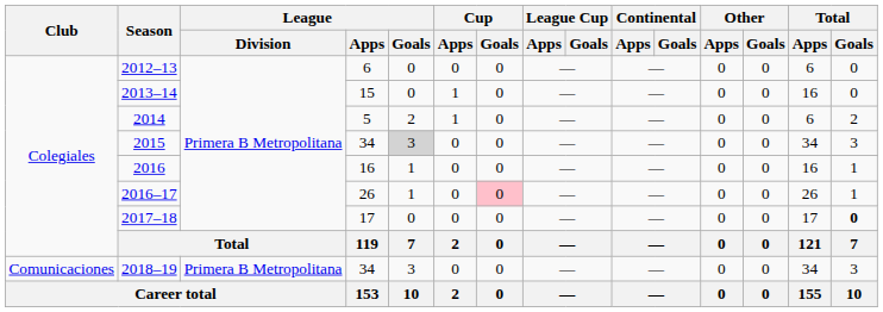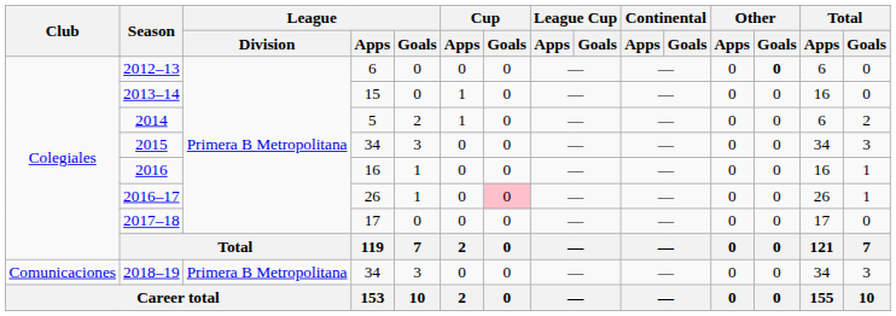 <table class="wikitable" style="text-align:center">
 <tr>
 <th rowspan="2">Club</th>
 <th rowspan="2">Season</th>
 <th colspan="3">League</th>
 <th colspan="2">Cup</th>
 <th colspan="2">League Cup</th>
 <th colspan="2">Continental</th>
 <th colspan="2">Other</th>
 <th colspan="2">Total</th>
 </tr>
 <tr>
 <th>Division</th>
 <th>Apps</th>
 <th>Goals</th>
 <th>Apps</th>
 <th>Goals</th>
 <th>Apps</th>
 <th>Goals</th>
 <th>Apps</th>
 <th>Goals</th>
 <th>Apps</th>
 <th>Goals</th>
 <th>Apps</th>
 <th>Goals</th>
 </tr>
 <tr>
 <td rowspan="8"><a href='#'>Colegiales</a></td>
 <td><a href='#'>2012–13</a></td>
 <td rowspan="7"><a href='#'>Primera B Metropolitana</a></td>
 <td>6</td>
 <td>0</td>
 <td>0</td>
 <td>0</td>
 <td colspan="2">—</td>
 <td colspan="2">—</td>
 <td>0</td>
-<td>0</td>
+<td><strong>0</strong></td>
 <td>6</td>
 <td>0</td>
 </tr>
 <tr>
 <td><a href='#'>2013–14</a></td>
 <td>15</td>
 <td>0</td>
 <td>1</td>
 <td>0</td>
 <td colspan="2">—</td>
 <td colspan="2">—</td>
 <td>0</td>
 <td>0</td>
 <td>16</td>
 <td>0</td>
 </tr>
 <tr>
 <td><a href='#'>2014</a></td>
 <td>5</td>
 <td>2</td>
 <td>1</td>
 <td>0</td>
 <td colspan="2">—</td>
 <td colspan="2">—</td>
 <td>0</td>
 <td>0</td>
 <td>6</td>
 <td>2</td>
 </tr>
 <tr>
 <td><a href='#'>2015</a></td>
 <td>34</td>
-<td style="background: lightgrey;">3</td>
+<td>3</td>
 <td>0</td>
 <td>0</td>
 <td colspan="2">—</td>
 <td colspan="2">—</td>
 <td>0</td>
 <td>0</td>
 <td>34</td>
 <td>3</td>
 </tr>
 <tr>
 <td><a href='#'>2016</a></td>
 <td>16</td>
 <td>1</td>
 <td>0</td>
 <td>0</td>
 <td colspan="2">—</td>
 <td colspan="2">—</td>
 <td>0</td>
 <td>0</td>
 <td>16</td>
 <td>1</td>
 </tr>
 <tr>
 <td><a href='#'>2016–17</a></td>
 <td>26</td>
 <td>1</td>
 <td>0</td>
 <td style="background: pink;">0</td>
 <td colspan="2">—</td>
 <td colspan="2">—</td>
 <td>0</td>
 <td>0</td>
 <td>26</td>
 <td>1</td>
 </tr>
 <tr>
 <td><a href='#'>2017–18</a></td>
 <td>17</td>
 <td>0</td>
 <td>0</td>
 <td>0</td>
 <td colspan="2">—</td>
 <td colspan="2">—</td>
 <td>0</td>
 <td>0</td>
 <td>17</td>
-<td><strong>0</strong></td>
+<td>0</td>
 </tr>
 <tr>
 <th colspan="2">Total</th>
 <th>119</th>
 <th>7</th>
 <th>2</th>
 <th>0</th>
 <th colspan="2">—</th>
 <th colspan="2">—</th>
 <th>0</th>
 <th>0</th>
 <th>121</th>
 <th>7</th>
 </tr>
 <tr>
 <td rowspan="1"><a href='#'>Comunicaciones</a></td>
 <td><a href='#'>2018–19</a></td>
 <td rowspan="1"><a href='#'>Primera B Metropolitana</a></td>
 <td>34</td>
 <td>3</td>
 <td>0</td>
 <td>0</td>
 <td colspan="2">—</td>
 <td colspan="2">—</td>
 <td>0</td>
 <td>0</td>
 <td>34</td>
 <td>3</td>
 </tr>
 <tr>
 <th colspan="3">Career total</th>
 <th>153</th>
 <th>10</th>
 <th>2</th>
 <th>0</th>
 <th colspan="2">—</th>
 <th colspan="2">—</th>
 <th>0</th>
 <th>0</th>
 <th>155</th>
 <th>10</th>
 </tr>
 </table>
